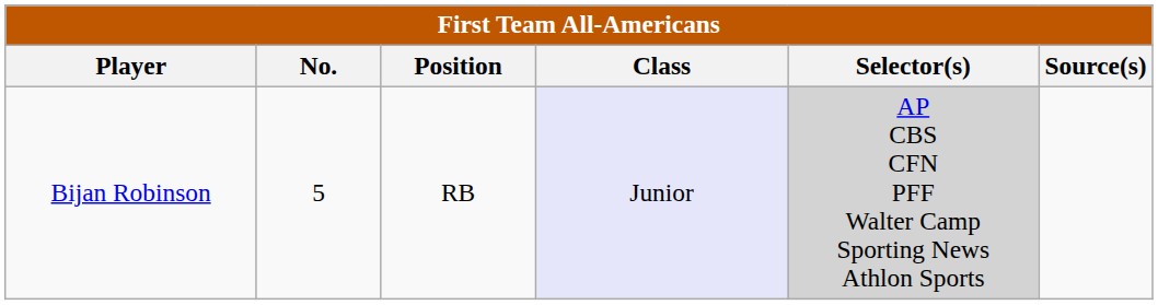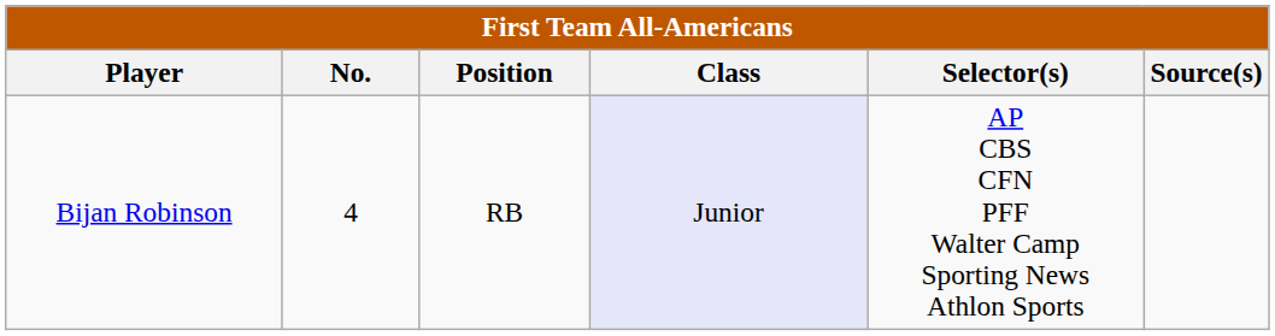 <table class="wikitable" style="text-align:center">
 <tr>
 <td colspan="6" style= "background: #BF5700; color:white"><strong>First Team All-Americans</strong></td>
 </tr>
 <tr>
 <th style="width:150px; ">Player</th>
 <th style="width:70px; ">No.</th>
 <th style="width:90px; ">Position</th>
 <th style="width:150px; ">Class</th>
 <th style="width:150px; ">Selector(s)</th>
 <th style="width:10px; ">Source(s)</th>
 </tr>
 <tr>
 <td><a href='#'>Bijan Robinson</a></td>
-<td>5</td>
+<td>4</td>
 <td>RB</td>
 <td style="background: lavender;">Junior</td>
-<td style="background: lightgrey;"><a href='#'>AP</a><br>CBS<br>CFN<br>PFF<br>Walter Camp<br>Sporting News<br>Athlon Sports</td>
+<td><a href='#'>AP</a><br>CBS<br>CFN<br>PFF<br>Walter Camp<br>Sporting News<br>Athlon Sports</td>
 <td><br><br><br><br><br><br></td>
 </tr>
 </table>
